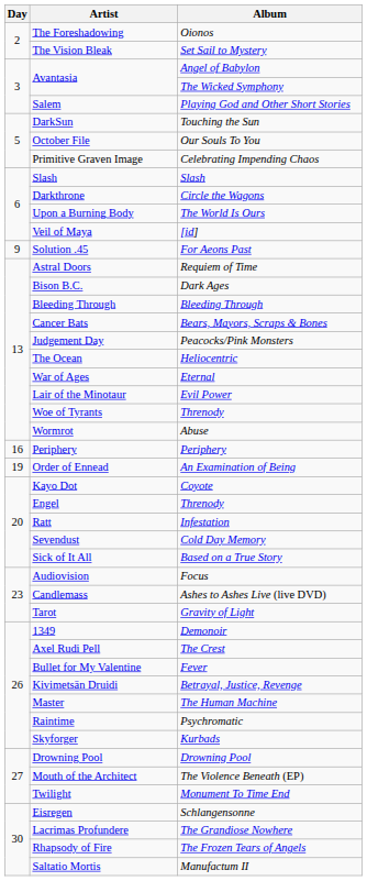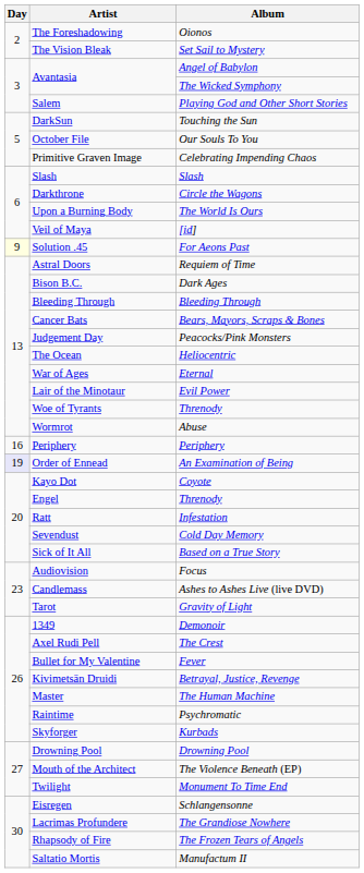 <table class="wikitable">
 <tr>
 <th style="width:20px;">Day</th>
 <th style="width:200px;">Artist</th>
 <th style="width:250px;">Album</th>
 </tr>
 <tr>
 <td style="text-align:center;" rowspan="2">2</td>
 <td><a href='#'>The Foreshadowing</a></td>
 <td><em>Oionos</em></td>
 </tr>
 <tr>
 <td><a href='#'>The Vision Bleak</a></td>
 <td><em><a href='#'>Set Sail to Mystery</a></em></td>
 </tr>
 <tr>
 <td style="text-align:center;" rowspan="3">3</td>
 <td rowspan="2"><a href='#'>Avantasia</a></td>
 <td><em><a href='#'>Angel of Babylon</a></em></td>
 </tr>
 <tr>
 <td><em><a href='#'>The Wicked Symphony</a></em></td>
 </tr>
 <tr>
 <td><a href='#'>Salem</a></td>
 <td><em><a href='#'>Playing God and Other Short Stories</a></em></td>
 </tr>
 <tr>
 <td style="text-align:center;" rowspan="3">5</td>
 <td><a href='#'>DarkSun</a></td>
 <td><em>Touching the Sun</em></td>
 </tr>
 <tr>
 <td><a href='#'>October File</a></td>
 <td><em>Our Souls To You</em></td>
 </tr>
 <tr>
 <td>Primitive Graven Image</td>
 <td><em>Celebrating Impending Chaos</em></td>
 </tr>
 <tr>
 <td style="text-align:center;" rowspan="4">6</td>
 <td><a href='#'>Slash</a></td>
 <td><em><a href='#'>Slash</a></em></td>
 </tr>
 <tr>
 <td><a href='#'>Darkthrone</a></td>
 <td><em><a href='#'>Circle the Wagons</a></em></td>
 </tr>
 <tr>
 <td><a href='#'>Upon a Burning Body</a></td>
 <td><em><a href='#'>The World Is Ours</a></em></td>
 </tr>
 <tr>
 <td><a href='#'>Veil of Maya</a></td>
 <td><em><a href='#'>[id</a>]</em></td>
 </tr>
 <tr>
-<td style="text-align:center;">9</td>
+<td style="background: lightyellow; text-align:center;">9</td>
 <td><a href='#'>Solution .45</a></td>
 <td><em><a href='#'>For Aeons Past</a></em></td>
 </tr>
 <tr>
 <td style="text-align:center;" rowspan="10">13</td>
 <td><a href='#'>Astral Doors</a></td>
 <td><em>Requiem of Time</em></td>
 </tr>
 <tr>
 <td><a href='#'>Bison B.C.</a></td>
 <td><em>Dark Ages</em></td>
 </tr>
 <tr>
 <td><a href='#'>Bleeding Through</a></td>
 <td><em><a href='#'>Bleeding Through</a></em></td>
 </tr>
 <tr>
 <td><a href='#'>Cancer Bats</a></td>
 <td><em><a href='#'>Bears, Mayors, Scraps & Bones</a></em></td>
 </tr>
 <tr>
 <td><a href='#'>Judgement Day</a></td>
 <td><em>Peacocks/Pink Monsters</em></td>
 </tr>
 <tr>
 <td><a href='#'>The Ocean</a></td>
 <td><em><a href='#'>Heliocentric</a></em></td>
 </tr>
 <tr>
 <td><a href='#'>War of Ages</a></td>
 <td><em><a href='#'>Eternal</a></em></td>
 </tr>
 <tr>
 <td><a href='#'>Lair of the Minotaur</a></td>
 <td><em><a href='#'>Evil Power</a></em></td>
 </tr>
 <tr>
 <td><a href='#'>Woe of Tyrants</a></td>
 <td><em><a href='#'>Threnody</a></em></td>
 </tr>
 <tr>
 <td><a href='#'>Wormrot</a></td>
 <td><em>Abuse</em></td>
 </tr>
 <tr>
 <td style="text-align:center;">16</td>
 <td><a href='#'>Periphery</a></td>
 <td><em><a href='#'>Periphery</a></em></td>
 </tr>
 <tr>
-<td style="text-align:center;">19</td>
+<td style="background: lavender; text-align:center;">19</td>
 <td><a href='#'>Order of Ennead</a></td>
 <td><em><a href='#'>An Examination of Being</a></em></td>
 </tr>
 <tr>
 <td style="text-align:center;" rowspan="5">20</td>
 <td><a href='#'>Kayo Dot</a></td>
 <td><em><a href='#'>Coyote</a></em></td>
 </tr>
 <tr>
 <td><a href='#'>Engel</a></td>
 <td><em><a href='#'>Threnody</a></em></td>
 </tr>
 <tr>
 <td><a href='#'>Ratt</a></td>
 <td><em><a href='#'>Infestation</a></em></td>
 </tr>
 <tr>
 <td><a href='#'>Sevendust</a></td>
 <td><em><a href='#'>Cold Day Memory</a></em></td>
 </tr>
 <tr>
 <td><a href='#'>Sick of It All</a></td>
 <td><em><a href='#'>Based on a True Story</a></em></td>
 </tr>
 <tr>
 <td style="text-align:center;" rowspan="3">23</td>
 <td><a href='#'>Audiovision</a></td>
 <td><em>Focus</em></td>
 </tr>
 <tr>
 <td><a href='#'>Candlemass</a></td>
 <td><em>Ashes to Ashes Live</em> (live DVD)</td>
 </tr>
 <tr>
 <td><a href='#'>Tarot</a></td>
 <td><em><a href='#'>Gravity of Light</a></em></td>
 </tr>
 <tr>
 <td style="text-align:center;" rowspan="7">26</td>
 <td><a href='#'>1349</a></td>
 <td><em><a href='#'>Demonoir</a></em></td>
 </tr>
 <tr>
 <td><a href='#'>Axel Rudi Pell</a></td>
 <td><em><a href='#'>The Crest</a></em></td>
 </tr>
 <tr>
 <td><a href='#'>Bullet for My Valentine</a></td>
 <td><em><a href='#'>Fever</a></em></td>
 </tr>
 <tr>
 <td><a href='#'>Kivimetsän Druidi</a></td>
 <td><em><a href='#'>Betrayal, Justice, Revenge</a></em></td>
 </tr>
 <tr>
 <td><a href='#'>Master</a></td>
 <td><em><a href='#'>The Human Machine</a></em></td>
 </tr>
 <tr>
 <td><a href='#'>Raintime</a></td>
 <td><em>Psychromatic</em></td>
 </tr>
 <tr>
 <td><a href='#'>Skyforger</a></td>
 <td><em><a href='#'>Kurbads</a></em></td>
 </tr>
 <tr>
 <td style="text-align:center;" rowspan="3">27</td>
 <td><a href='#'>Drowning Pool</a></td>
 <td><em><a href='#'>Drowning Pool</a></em></td>
 </tr>
 <tr>
 <td><a href='#'>Mouth of the Architect</a></td>
 <td><em>The Violence Beneath</em> (EP)</td>
 </tr>
 <tr>
 <td><a href='#'>Twilight</a></td>
 <td><em><a href='#'>Monument To Time End</a></em></td>
 </tr>
 <tr>
 <td style="text-align:center;" rowspan="4">30</td>
 <td><a href='#'>Eisregen</a></td>
 <td><em>Schlangensonne</em></td>
 </tr>
 <tr>
 <td><a href='#'>Lacrimas Profundere</a></td>
 <td><em><a href='#'>The Grandiose Nowhere</a></em></td>
 </tr>
 <tr>
 <td><a href='#'>Rhapsody of Fire</a></td>
 <td><em><a href='#'>The Frozen Tears of Angels</a></em></td>
 </tr>
 <tr>
 <td><a href='#'>Saltatio Mortis</a></td>
 <td><em>Manufactum II</em></td>
 </tr>
 </table>
